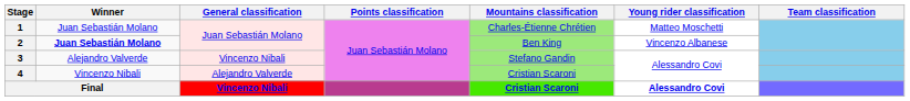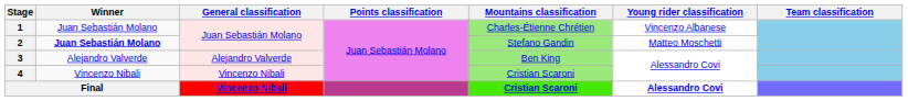 <table class="wikitable" style="text-align: center; font-size:smaller;">
 <tr>
 <th scope="col" width="1%">Stage</th>
 <th scope="col" width="16.5%">Winner</th>
 <th scope="col" width="16.5%"><a href='#'>General classification</a><br></th>
 <th scope="col" width="16.5%"><a href='#'>Points classification</a><br></th>
 <th scope="col" width="16.5%"><a href='#'>Mountains classification</a><br></th>
 <th scope="col" width="16.5%"><a href='#'>Young rider classification</a><br></th>
 <th scope="col" width="16.5%"><a href='#'>Team classification</a></th>
 </tr>
 <tr>
 <th>1</th>
 <td><a href='#'>Juan Sebastián Molano</a></td>
 <td style="background:#FFE6E6;" rowspan="2"><a href='#'>Juan Sebastián Molano</a></td>
 <td style="background:violet;" rowspan="4"><a href='#'>Juan Sebastián Molano</a></td>
 <td style="background:#9CE97B;"><a href='#'>Charles-Étienne Chrétien</a></td>
-<td style="background:white;"><a href='#'>Matteo Moschetti</a></td>
+<td style="background:white;"><a href='#'>Vincenzo Albanese</a></td>
 <td style="background:skyblue;" rowspan="2"></td>
 </tr>
 <tr>
 <th>2</th>
 <td><strong><a href='#'>Juan Sebastián Molano</a></strong></td>
-<td style="background:#9CE97B;"><a href='#'>Ben King</a></td>
-<td style="background:white;"><a href='#'>Vincenzo Albanese</a></td>
+<td style="background:#9CE97B;"><a href='#'>Stefano Gandin</a></td>
+<td style="background:white;"><a href='#'>Matteo Moschetti</a></td>
 </tr>
 <tr>
 <th>3</th>
 <td><a href='#'>Alejandro Valverde</a></td>
-<td style="background:#FFE6E6;"><a href='#'>Vincenzo Nibali</a></td>
-<td style="background:#9CE97B;"><a href='#'>Stefano Gandin</a></td>
+<td style="background:#FFE6E6;"><a href='#'>Alejandro Valverde</a></td>
+<td style="background:#9CE97B;"><a href='#'>Ben King</a></td>
 <td style="background:white;" rowspan="2"><a href='#'>Alessandro Covi</a></td>
 <td style="background:skyblue;"></td>
 </tr>
 <tr>
 <th>4</th>
 <td><a href='#'>Vincenzo Nibali</a></td>
-<td style="background:#FFE6E6;"><a href='#'>Alejandro Valverde</a></td>
+<td style="background:#FFE6E6;"><a href='#'>Vincenzo Nibali</a></td>
 <td style="background:#9CE97B;"><a href='#'>Cristian Scaroni</a></td>
 <td style="background:skyblue;"></td>
 </tr>
 <tr>
 <th colspan="2">Final</th>
 <th style="background:#f00;"><a href='#'>Vincenzo Nibali</a></th>
 <th style="background:#B93B8F;"></th>
 <th style="background:#46E800;"><a href='#'>Cristian Scaroni</a></th>
 <th style="background:white;"><a href='#'>Alessandro Covi</a></th>
 <th style="background:#736aff;"></th>
 </tr>
 </table>
